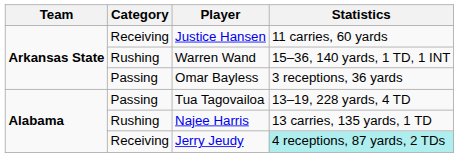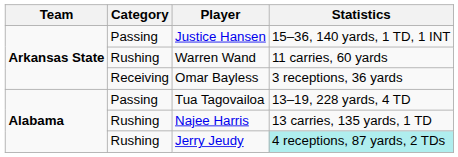 <table class="wikitable" style="float: right;">
 <tr>
 <th>Team</th>
 <th>Category</th>
 <th>Player</th>
 <th>Statistics</th>
 </tr>
 <tr>
 <td rowspan=3><strong>Arkansas State</strong></td>
-<td>Receiving</td>
+<td>Passing</td>
 <td><a href='#'>Justice Hansen</a></td>
-<td>11 carries, 60 yards</td>
+<td>15–36, 140 yards, 1 TD, 1 INT</td>
 </tr>
 <tr>
 <td>Rushing</td>
 <td>Warren Wand</td>
-<td>15–36, 140 yards, 1 TD, 1 INT</td>
+<td>11 carries, 60 yards</td>
 </tr>
 <tr>
-<td>Passing</td>
+<td>Receiving</td>
 <td>Omar Bayless</td>
 <td>3 receptions, 36 yards</td>
 </tr>
 <tr>
 <td rowspan=3><strong>Alabama</strong></td>
 <td>Passing</td>
 <td>Tua Tagovailoa</td>
 <td>13–19, 228 yards, 4 TD</td>
 </tr>
 <tr>
 <td>Rushing</td>
 <td><a href='#'>Najee Harris</a></td>
 <td>13 carries, 135 yards, 1 TD</td>
 </tr>
 <tr>
-<td>Receiving</td>
+<td>Rushing</td>
 <td><a href='#'>Jerry Jeudy</a></td>
 <td style="background: paleturquoise;">4 receptions, 87 yards, 2 TDs</td>
 </tr>
 </table>
